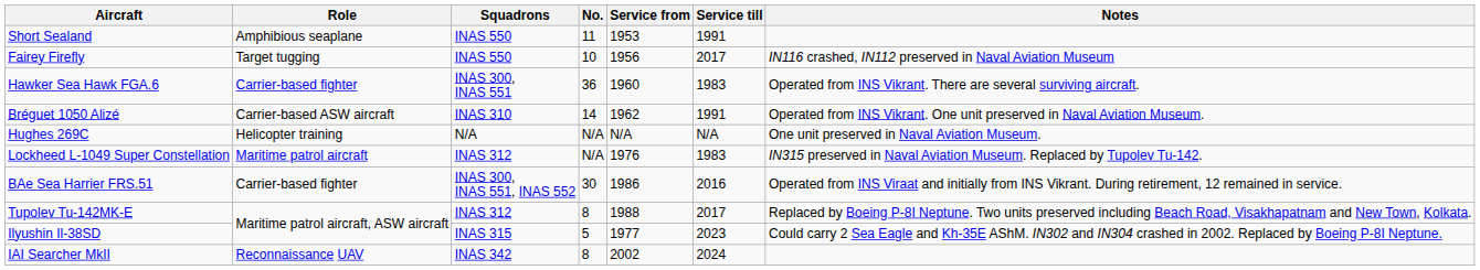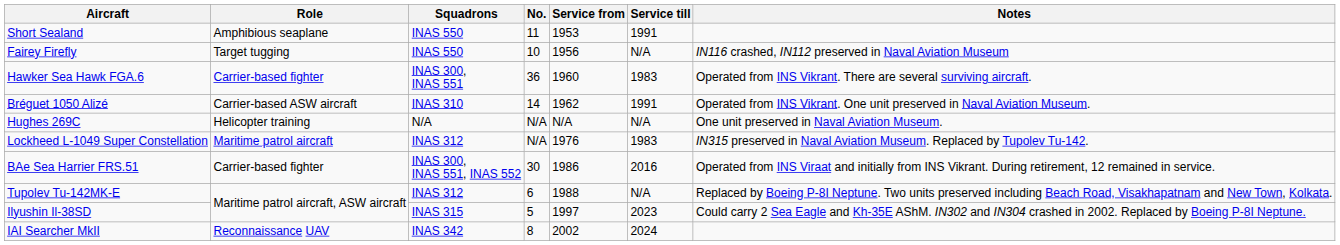 <table class="wikitable">
 <tr>
 <th>Aircraft</th>
 <th>Role</th>
 <th>Squadrons</th>
 <th>No.</th>
 <th>Service from</th>
 <th>Service till</th>
 <th>Notes</th>
 </tr>
 <tr>
 <td><a href='#'>Short Sealand</a></td>
 <td>Amphibious seaplane</td>
 <td><a href='#'>INAS 550</a></td>
 <td>11</td>
 <td>1953</td>
 <td>1991</td>
 <td></td>
 </tr>
 <tr>
 <td><a href='#'>Fairey Firefly</a></td>
 <td>Target tugging</td>
 <td><a href='#'>INAS 550</a></td>
 <td>10</td>
 <td>1956</td>
-<td>2017</td>
+<td>N/A</td>
 <td><em>IN116</em> crashed, <em>IN112</em> preserved in <a href='#'>Naval Aviation Museum</a></td>
 </tr>
 <tr>
 <td><a href='#'>Hawker Sea Hawk FGA.6</a></td>
 <td><a href='#'>Carrier-based fighter</a></td>
 <td><a href='#'>INAS 300</a>,<br><a href='#'>INAS 551</a></td>
 <td>36</td>
 <td>1960</td>
 <td>1983</td>
 <td>Operated from <a href='#'>INS Vikrant</a>. There are several <a href='#'>surviving aircraft</a>.</td>
 </tr>
 <tr>
 <td><a href='#'>Bréguet 1050 Alizé</a></td>
 <td>Carrier-based ASW aircraft</td>
 <td><a href='#'>INAS 310</a></td>
 <td>14</td>
 <td>1962</td>
 <td>1991</td>
 <td>Operated from <a href='#'>INS Vikrant</a>. One unit preserved in <a href='#'>Naval Aviation Museum</a>.</td>
 </tr>
 <tr>
 <td><a href='#'>Hughes 269C</a></td>
 <td>Helicopter training</td>
 <td>N/A</td>
 <td>N/A</td>
 <td>N/A</td>
 <td>N/A</td>
 <td>One unit preserved in <a href='#'>Naval Aviation Museum</a>.</td>
 </tr>
 <tr>
 <td><a href='#'>Lockheed L-1049 Super Constellation</a></td>
 <td><a href='#'>Maritime patrol aircraft</a></td>
 <td><a href='#'>INAS 312</a></td>
 <td>N/A</td>
 <td>1976</td>
 <td>1983</td>
 <td><em>IN315</em> preserved in <a href='#'>Naval Aviation Museum</a>. Replaced by <a href='#'>Tupolev Tu-142</a>.</td>
 </tr>
 <tr>
 <td><a href='#'>BAe Sea Harrier FRS.51</a></td>
 <td>Carrier-based fighter</td>
 <td><a href='#'>INAS 300</a>,<br><a href='#'>INAS 551</a>, <a href='#'>INAS 552</a></td>
 <td>30</td>
 <td>1986</td>
 <td>2016</td>
 <td>Operated from <a href='#'>INS Viraat</a> and initially from INS Vikrant. During retirement, 12 remained in service.</td>
 </tr>
 <tr>
 <td><a href='#'>Tupolev Tu-142MK-E</a></td>
 <td rowspan="2">Maritime patrol aircraft, ASW aircraft</td>
 <td><a href='#'>INAS 312</a></td>
-<td>8</td>
+<td>6</td>
 <td>1988</td>
-<td>2017</td>
+<td>N/A</td>
 <td>Replaced by <a href='#'>Boeing P-8I Neptune</a>. Two units preserved including <a href='#'>Beach Road, Visakhapatnam</a> and <a href='#'>New Town</a>, <a href='#'>Kolkata</a>.</td>
 </tr>
 <tr>
 <td><a href='#'>Ilyushin Il-38SD</a></td>
 <td><a href='#'>INAS 315</a></td>
 <td>5</td>
-<td>1977</td>
+<td>1997</td>
 <td>2023</td>
 <td>Could carry 2 <a href='#'>Sea Eagle</a> and <a href='#'>Kh-35E</a> AShM. <em>IN302</em> and <em>IN304</em> crashed in 2002. Replaced by <a href='#'>Boeing P-8I Neptune.</a></td>
 </tr>
 <tr>
 <td><a href='#'>IAI Searcher MkII</a></td>
 <td><a href='#'>Reconnaissance</a> <a href='#'>UAV</a></td>
 <td><a href='#'>INAS 342</a></td>
 <td>8</td>
 <td>2002</td>
 <td>2024</td>
 <td></td>
 </tr>
 </table>
